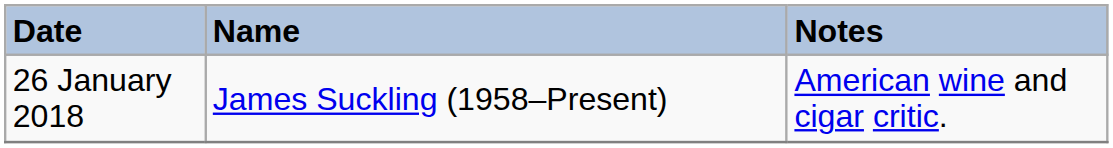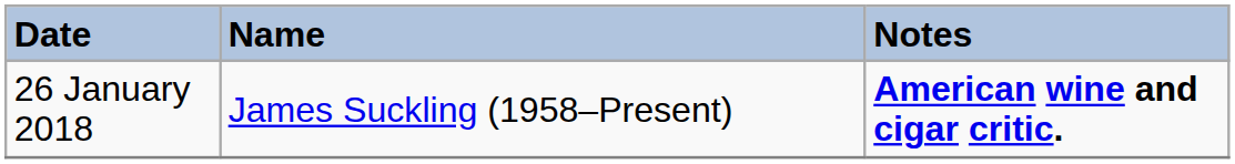 <table class="wikitable" width="75%" style="font-size: 85%; border: gray solid 1px; border-collapse: collapse; text-align: middle;">
 <tr>
 <th style="text-align: left;background:#B0C4DE">Date</th>
 <th width="240" style="text-align: left;background:#B0C4DE">Name</th>
 <th style="text-align: left;background:#B0C4DE">Notes</th>
 </tr>
 <tr>
 <td>26 January 2018</td>
 <td><a href='#'>James Suckling</a> (1958–Present)</td>
-<td><a href='#'>American</a> <a href='#'>wine</a> and <a href='#'>cigar</a> <a href='#'>critic</a>.</td>
+<td><strong><a href='#'>American</a> <a href='#'>wine</a> and <a href='#'>cigar</a> <a href='#'>critic</a>.</strong></td>
 </tr>
 <tr>
 </tr>
 </table>
